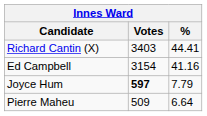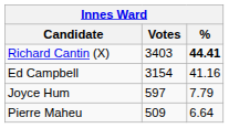 <table class="wikitable">
 <tr>
 <th colspan="3"><a href='#'>Innes Ward</a></th>
 </tr>
 <tr>
 <th style="width: 170px">Candidate</th>
 <th style="width: 50px">Votes</th>
 <th style="width: 40px">%</th>
 </tr>
 <tr>
 <td><a href='#'>Richard Cantin</a> (X)</td>
 <td>3403</td>
-<td>44.41</td>
+<td><strong>44.41</strong></td>
 </tr>
 <tr>
 <td>Ed Campbell</td>
 <td>3154</td>
 <td>41.16</td>
 </tr>
 <tr>
 <td>Joyce Hum</td>
-<td><strong>597</strong></td>
+<td>597</td>
 <td>7.79</td>
 </tr>
 <tr>
 <td>Pierre Maheu</td>
 <td>509</td>
 <td>6.64</td>
 </tr>
 </table>
